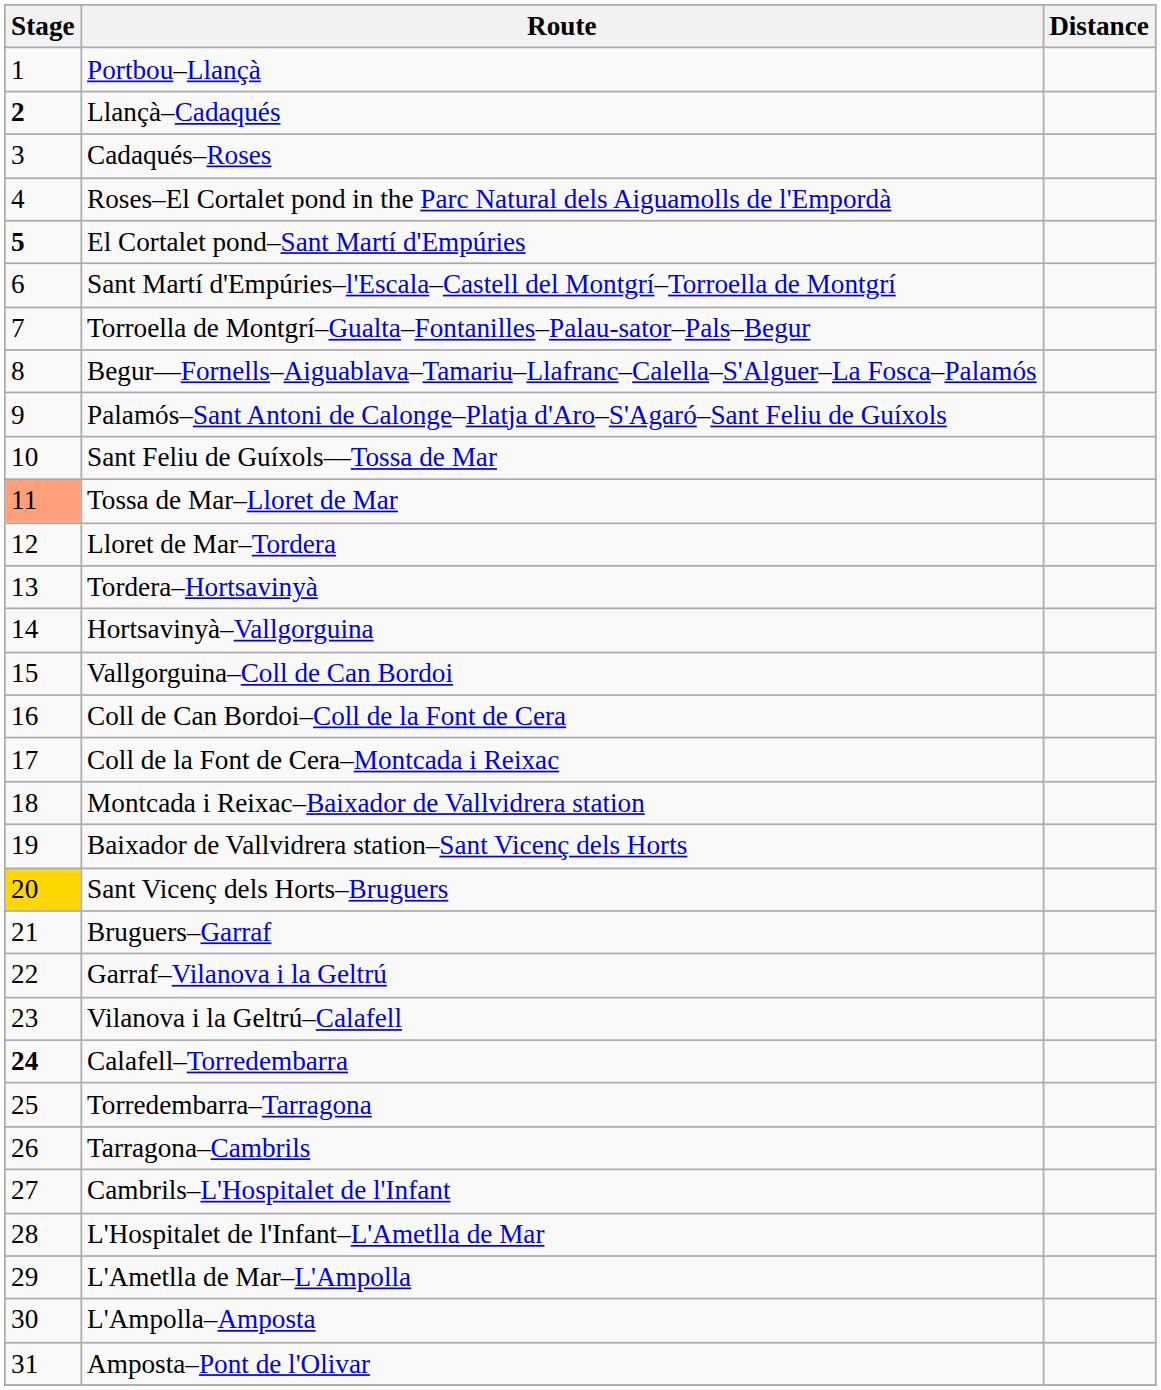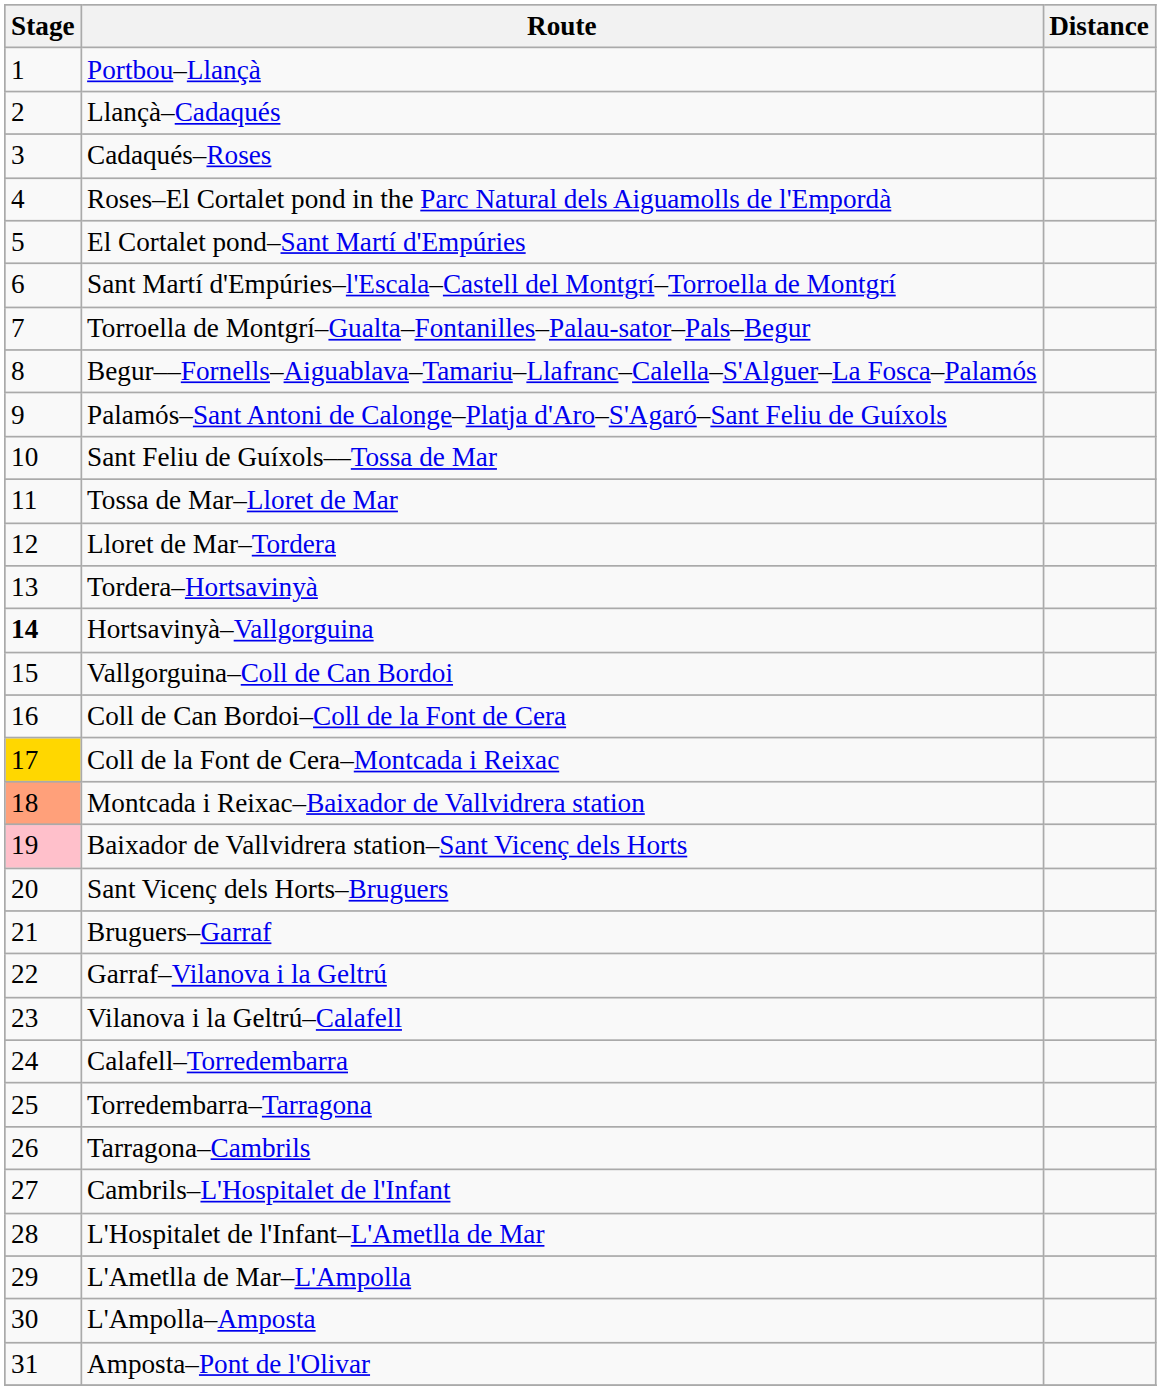 <table class="wikitable sortable">
 <tr>
 <th>Stage</th>
 <th>Route</th>
 <th>Distance</th>
 </tr>
 <tr>
 <td>1</td>
 <td><a href='#'>Portbou</a>–<a href='#'>Llançà</a></td>
 <td></td>
 </tr>
 <tr>
-<td><strong>2</strong></td>
+<td>2</td>
 <td>Llançà–<a href='#'>Cadaqués</a></td>
 <td></td>
 </tr>
 <tr>
 <td>3</td>
 <td>Cadaqués–<a href='#'>Roses</a></td>
 <td></td>
 </tr>
 <tr>
 <td>4</td>
 <td>Roses–El Cortalet pond in the <a href='#'>Parc Natural dels Aiguamolls de l'Empordà</a></td>
 <td></td>
 </tr>
 <tr>
-<td><strong>5</strong></td>
+<td>5</td>
 <td>El Cortalet pond–<a href='#'>Sant Martí d'Empúries</a></td>
 <td></td>
 </tr>
 <tr>
 <td>6</td>
 <td>Sant Martí d'Empúries–<a href='#'>l'Escala</a>–<a href='#'>Castell del Montgrí</a>–<a href='#'>Torroella de Montgrí</a></td>
 <td></td>
 </tr>
 <tr>
 <td>7</td>
 <td>Torroella de Montgrí–<a href='#'>Gualta</a>–<a href='#'>Fontanilles</a>–<a href='#'>Palau-sator</a>–<a href='#'>Pals</a>–<a href='#'>Begur</a></td>
 <td></td>
 </tr>
 <tr>
 <td>8</td>
 <td>Begur––<a href='#'>Fornells</a>–<a href='#'>Aiguablava</a>–<a href='#'>Tamariu</a>–<a href='#'>Llafranc</a>–<a href='#'>Calella</a>–<a href='#'>S'Alguer</a>–<a href='#'>La Fosca</a>–<a href='#'>Palamós</a></td>
 <td></td>
 </tr>
 <tr>
 <td>9</td>
 <td>Palamós–<a href='#'>Sant Antoni de Calonge</a>–<a href='#'>Platja d'Aro</a>–<a href='#'>S'Agaró</a>–<a href='#'>Sant Feliu de Guíxols</a></td>
 <td></td>
 </tr>
 <tr>
 <td>10</td>
 <td>Sant Feliu de Guíxols––<a href='#'>Tossa de Mar</a></td>
 <td></td>
 </tr>
 <tr>
-<td style="background: lightsalmon;">11</td>
+<td>11</td>
 <td>Tossa de Mar–<a href='#'>Lloret de Mar</a></td>
 <td></td>
 </tr>
 <tr>
 <td>12</td>
 <td>Lloret de Mar–<a href='#'>Tordera</a></td>
 <td></td>
 </tr>
 <tr>
 <td>13</td>
 <td>Tordera–<a href='#'>Hortsavinyà</a></td>
 <td></td>
 </tr>
 <tr>
-<td>14</td>
+<td><strong>14</strong></td>
 <td>Hortsavinyà–<a href='#'>Vallgorguina</a></td>
 <td></td>
 </tr>
 <tr>
 <td>15</td>
 <td>Vallgorguina–<a href='#'>Coll de Can Bordoi</a></td>
 <td></td>
 </tr>
 <tr>
 <td>16</td>
 <td>Coll de Can Bordoi–<a href='#'>Coll de la Font de Cera</a></td>
 <td></td>
 </tr>
 <tr>
-<td>17</td>
+<td style="background: gold;">17</td>
 <td>Coll de la Font de Cera–<a href='#'>Montcada i Reixac</a></td>
 <td></td>
 </tr>
 <tr>
-<td>18</td>
+<td style="background: lightsalmon;">18</td>
 <td>Montcada i Reixac–<a href='#'>Baixador de Vallvidrera station</a></td>
 <td></td>
 </tr>
 <tr>
-<td>19</td>
+<td style="background: pink;">19</td>
 <td>Baixador de Vallvidrera station–<a href='#'>Sant Vicenç dels Horts</a></td>
 <td></td>
 </tr>
 <tr>
-<td style="background: gold;">20</td>
+<td>20</td>
 <td>Sant Vicenç dels Horts–<a href='#'>Bruguers</a></td>
 <td></td>
 </tr>
 <tr>
 <td>21</td>
 <td>Bruguers–<a href='#'>Garraf</a></td>
 <td></td>
 </tr>
 <tr>
 <td>22</td>
 <td>Garraf–<a href='#'>Vilanova i la Geltrú</a></td>
 <td></td>
 </tr>
 <tr>
 <td>23</td>
 <td>Vilanova i la Geltrú–<a href='#'>Calafell</a></td>
 <td></td>
 </tr>
 <tr>
-<td><strong>24</strong></td>
+<td>24</td>
 <td>Calafell–<a href='#'>Torredembarra</a></td>
 <td></td>
 </tr>
 <tr>
 <td>25</td>
 <td>Torredembarra–<a href='#'>Tarragona</a></td>
 <td></td>
 </tr>
 <tr>
 <td>26</td>
 <td>Tarragona–<a href='#'>Cambrils</a></td>
 <td></td>
 </tr>
 <tr>
 <td>27</td>
 <td>Cambrils–<a href='#'>L'Hospitalet de l'Infant</a></td>
 <td></td>
 </tr>
 <tr>
 <td>28</td>
 <td>L'Hospitalet de l'Infant–<a href='#'>L'Ametlla de Mar</a></td>
 <td></td>
 </tr>
 <tr>
 <td>29</td>
 <td>L'Ametlla de Mar–<a href='#'>L'Ampolla</a></td>
 <td></td>
 </tr>
 <tr>
 <td>30</td>
 <td>L'Ampolla–<a href='#'>Amposta</a></td>
 <td></td>
 </tr>
 <tr>
 <td>31</td>
 <td>Amposta–<a href='#'>Pont de l'Olivar</a></td>
 <td></td>
 </tr>
 <tr>
 </tr>
 </table>
